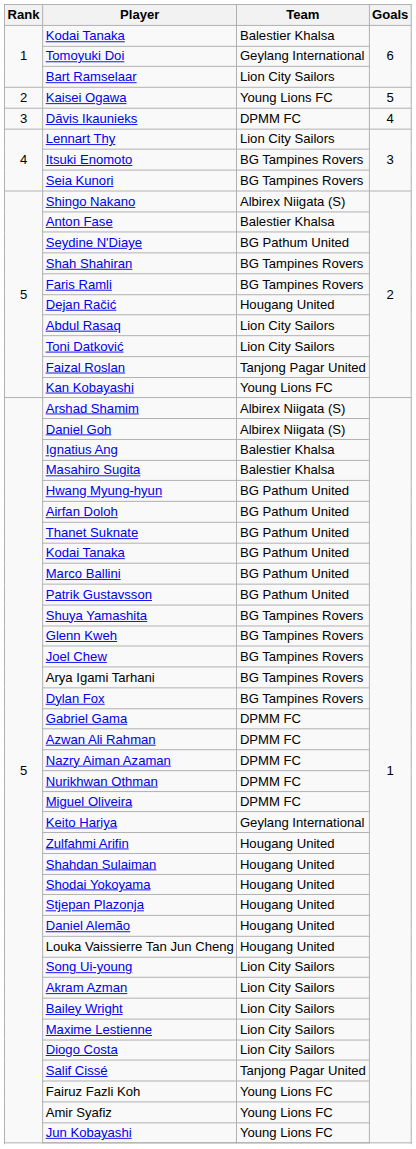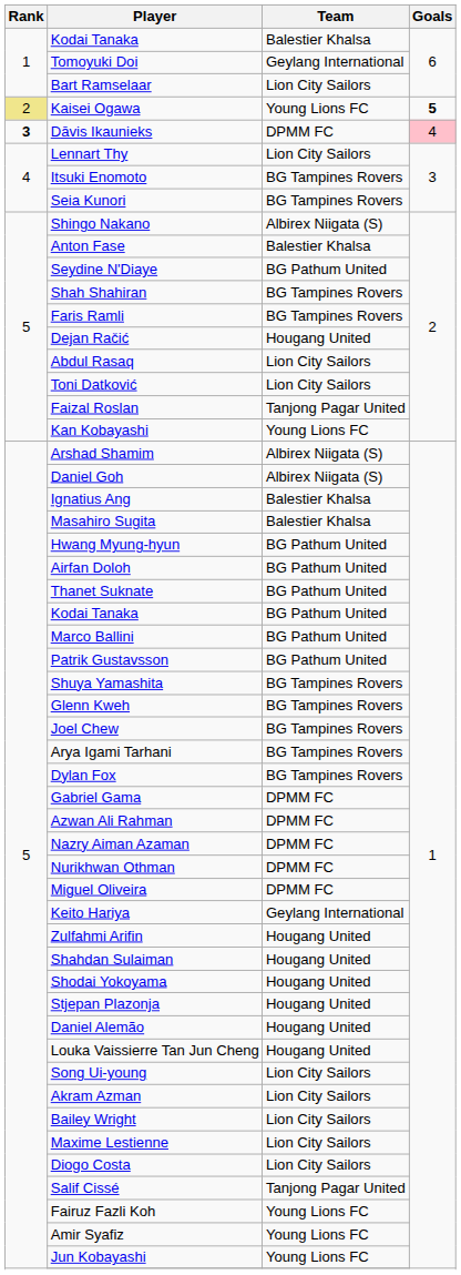 <table class="wikitable plainrowheaders sortable" style="font-size:90%">
 <tr>
 <th>Rank</th>
 <th>Player</th>
 <th>Team</th>
 <th>Goals</th>
 </tr>
 <tr>
 <td align="center" rowspan="3">1</td>
 <td> <a href='#'>Kodai Tanaka</a></td>
 <td>Balestier Khalsa</td>
 <td align="center" rowspan="3">6</td>
 </tr>
 <tr>
 <td> <a href='#'>Tomoyuki Doi</a></td>
 <td>Geylang International</td>
 </tr>
 <tr>
 <td> <a href='#'>Bart Ramselaar</a></td>
 <td>Lion City Sailors</td>
 </tr>
 <tr>
-<td align="center" rowspan="1">2</td>
+<td align="center" rowspan="1" style="background: khaki;">2</td>
 <td> <a href='#'>Kaisei Ogawa</a></td>
 <td>Young Lions FC</td>
-<td align="center" rowspan="1">5</td>
+<td align="center" rowspan="1"><strong>5</strong></td>
 </tr>
 <tr>
-<td align="center" rowspan="1">3</td>
+<td align="center" rowspan="1"><strong>3</strong></td>
 <td> <a href='#'>Dāvis Ikaunieks</a></td>
 <td>DPMM FC</td>
-<td align="center" rowspan="1">4</td>
+<td align="center" rowspan="1" style="background: pink;">4</td>
 </tr>
 <tr>
 <td align="center" rowspan="3">4</td>
 <td> <a href='#'>Lennart Thy</a></td>
 <td>Lion City Sailors</td>
 <td align="center" rowspan="3">3</td>
 </tr>
 <tr>
 <td> <a href='#'>Itsuki Enomoto</a></td>
 <td>BG Tampines Rovers</td>
 </tr>
 <tr>
 <td> <a href='#'>Seia Kunori</a></td>
 <td>BG Tampines Rovers</td>
 </tr>
 <tr>
 <td align="center" rowspan="10">5</td>
 <td> <a href='#'>Shingo Nakano</a></td>
 <td>Albirex Niigata (S)</td>
 <td align="center" rowspan="10">2</td>
 </tr>
 <tr>
 <td> <a href='#'>Anton Fase</a></td>
 <td>Balestier Khalsa</td>
 </tr>
 <tr>
 <td> <a href='#'>Seydine N'Diaye</a></td>
 <td>BG Pathum United</td>
 </tr>
 <tr>
 <td> <a href='#'>Shah Shahiran</a></td>
 <td>BG Tampines Rovers</td>
 </tr>
 <tr>
 <td> <a href='#'>Faris Ramli</a></td>
 <td>BG Tampines Rovers</td>
 </tr>
 <tr>
 <td> <a href='#'>Dejan Račić</a></td>
 <td>Hougang United</td>
 </tr>
 <tr>
 <td>  <a href='#'>Abdul Rasaq</a></td>
 <td>Lion City Sailors</td>
 </tr>
 <tr>
 <td> <a href='#'>Toni Datković</a></td>
 <td>Lion City Sailors</td>
 </tr>
 <tr>
 <td> <a href='#'>Faizal Roslan</a></td>
 <td>Tanjong Pagar United</td>
 </tr>
 <tr>
 <td> <a href='#'>Kan Kobayashi</a></td>
 <td>Young Lions FC</td>
 </tr>
 <tr>
 <td align="center" rowspan="40">5</td>
 <td> <a href='#'>Arshad Shamim</a></td>
 <td>Albirex Niigata (S)</td>
 <td align="center" rowspan="40">1</td>
 </tr>
 <tr>
 <td> <a href='#'>Daniel Goh</a></td>
 <td>Albirex Niigata (S)</td>
 </tr>
 <tr>
 <td> <a href='#'>Ignatius Ang</a></td>
 <td>Balestier Khalsa</td>
 </tr>
 <tr>
 <td> <a href='#'>Masahiro Sugita</a></td>
 <td>Balestier Khalsa</td>
 </tr>
 <tr>
 <td> <a href='#'>Hwang Myung-hyun</a></td>
 <td>BG Pathum United</td>
 </tr>
 <tr>
 <td> <a href='#'>Airfan Doloh</a></td>
 <td>BG Pathum United</td>
 </tr>
 <tr>
 <td> <a href='#'>Thanet Suknate</a></td>
 <td>BG Pathum United</td>
 </tr>
 <tr>
 <td> <a href='#'>Kodai Tanaka</a></td>
 <td>BG Pathum United</td>
 </tr>
 <tr>
 <td> <a href='#'>Marco Ballini</a></td>
 <td>BG Pathum United</td>
 </tr>
 <tr>
 <td> <a href='#'>Patrik Gustavsson</a></td>
 <td>BG Pathum United</td>
 </tr>
 <tr>
 <td> <a href='#'>Shuya Yamashita</a></td>
 <td>BG Tampines Rovers</td>
 </tr>
 <tr>
 <td> <a href='#'>Glenn Kweh</a></td>
 <td>BG Tampines Rovers</td>
 </tr>
 <tr>
 <td> <a href='#'>Joel Chew</a></td>
 <td>BG Tampines Rovers</td>
 </tr>
 <tr>
 <td> Arya Igami Tarhani</td>
 <td>BG Tampines Rovers</td>
 </tr>
 <tr>
 <td> <a href='#'>Dylan Fox</a></td>
 <td>BG Tampines Rovers</td>
 </tr>
 <tr>
 <td> <a href='#'>Gabriel Gama</a></td>
 <td>DPMM FC</td>
 </tr>
 <tr>
 <td> <a href='#'>Azwan Ali Rahman</a></td>
 <td>DPMM FC</td>
 </tr>
 <tr>
 <td> <a href='#'>Nazry Aiman Azaman</a></td>
 <td>DPMM FC</td>
 </tr>
 <tr>
 <td> <a href='#'>Nurikhwan Othman</a></td>
 <td>DPMM FC</td>
 </tr>
 <tr>
 <td> <a href='#'>Miguel Oliveira</a></td>
 <td>DPMM FC</td>
 </tr>
 <tr>
 <td> <a href='#'>Keito Hariya</a></td>
 <td>Geylang International</td>
 </tr>
 <tr>
 <td> <a href='#'>Zulfahmi Arifin</a></td>
 <td>Hougang United</td>
 </tr>
 <tr>
 <td> <a href='#'>Shahdan Sulaiman</a></td>
 <td>Hougang United</td>
 </tr>
 <tr>
 <td> <a href='#'>Shodai Yokoyama</a></td>
 <td>Hougang United</td>
 </tr>
 <tr>
 <td> <a href='#'>Stjepan Plazonja</a></td>
 <td>Hougang United</td>
 </tr>
 <tr>
 <td> <a href='#'>Daniel Alemão</a></td>
 <td>Hougang United</td>
 </tr>
 <tr>
 <td> Louka Vaissierre Tan Jun Cheng</td>
 <td>Hougang United</td>
 </tr>
 <tr>
 <td>  <a href='#'>Song Ui-young</a></td>
 <td>Lion City Sailors</td>
 </tr>
 <tr>
 <td> <a href='#'>Akram Azman</a></td>
 <td>Lion City Sailors</td>
 </tr>
 <tr>
 <td> <a href='#'>Bailey Wright</a></td>
 <td>Lion City Sailors</td>
 </tr>
 <tr>
 <td> <a href='#'>Maxime Lestienne</a></td>
 <td>Lion City Sailors</td>
 </tr>
 <tr>
 <td> <a href='#'>Diogo Costa</a></td>
 <td>Lion City Sailors</td>
 </tr>
 <tr>
 <td> <a href='#'>Salif Cissé</a></td>
 <td>Tanjong Pagar United</td>
 </tr>
 <tr>
 <td> Fairuz Fazli Koh</td>
 <td>Young Lions FC</td>
 </tr>
 <tr>
 <td> Amir Syafiz</td>
 <td>Young Lions FC</td>
 </tr>
 <tr>
 <td> <a href='#'>Jun Kobayashi</a></td>
 <td>Young Lions FC</td>
 </tr>
 <tr>
 </tr>
 </table>
